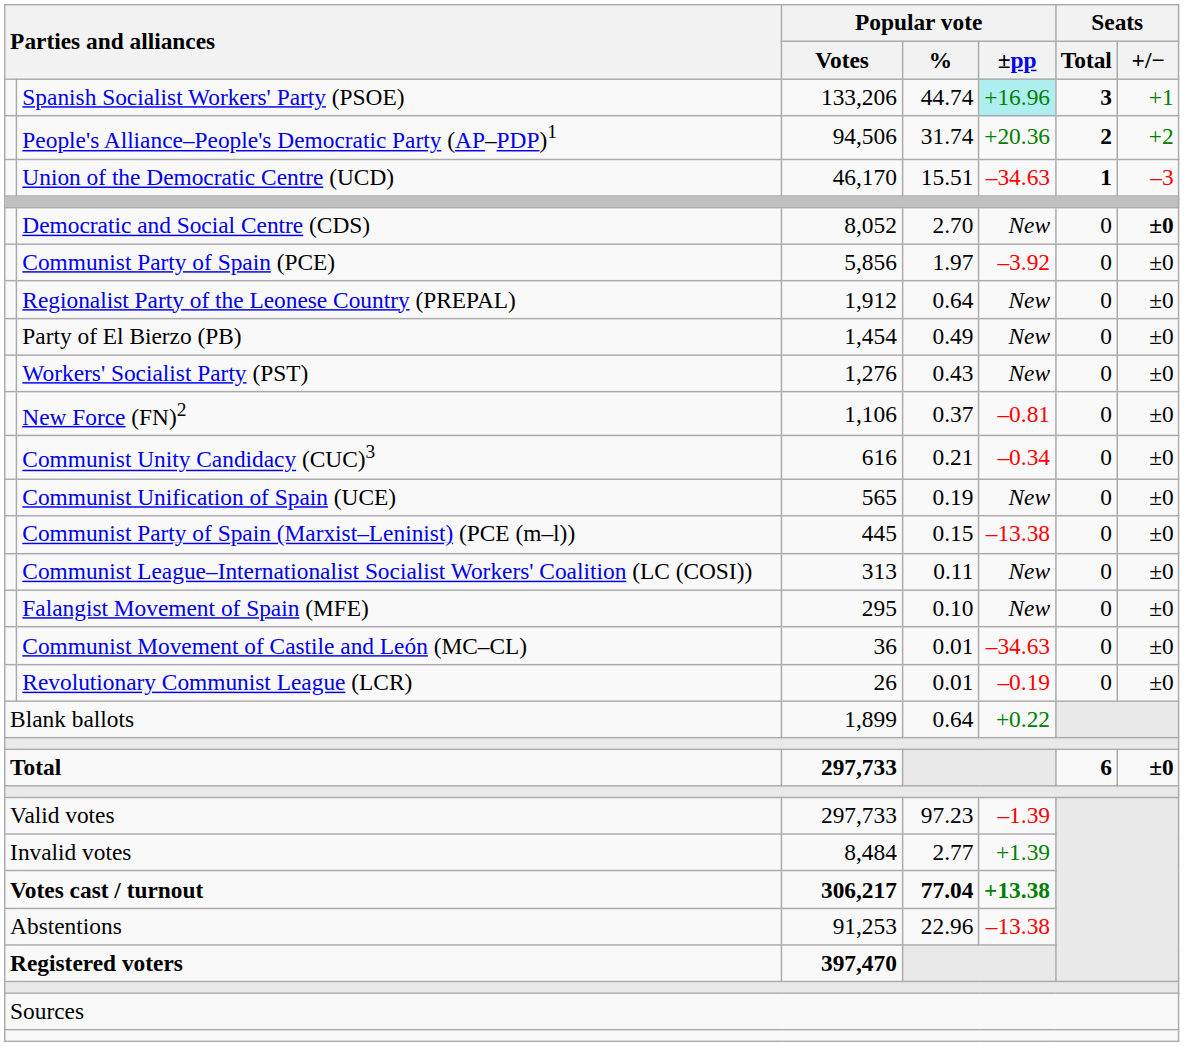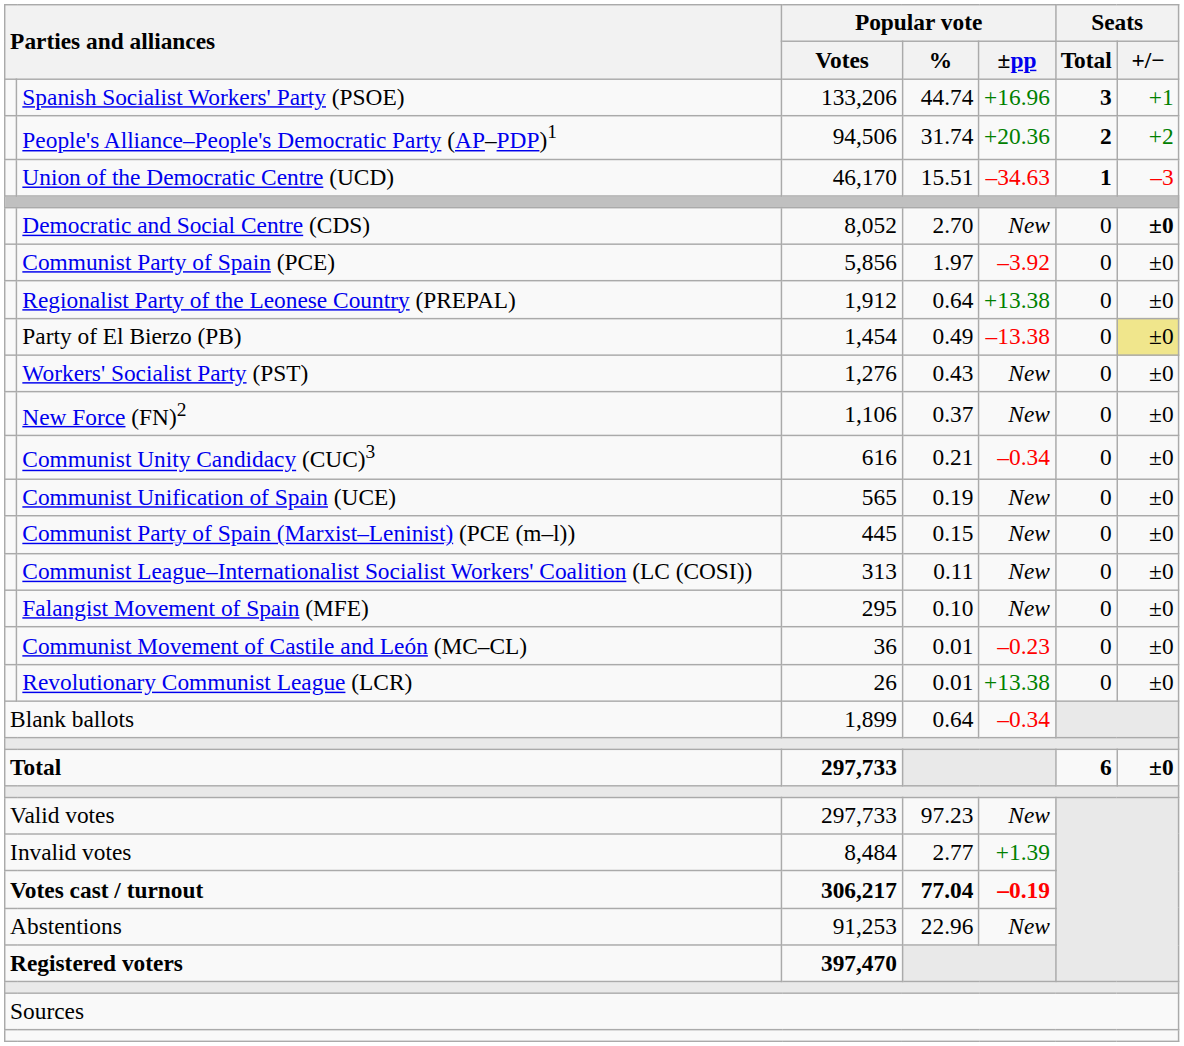 <table class="wikitable" style="text-align:right;">
 <tr>
 <th style="text-align:left;" rowspan="2" colspan="2" width="525">Parties and alliances</th>
 <th colspan="3">Popular vote</th>
 <th colspan="2">Seats</th>
 </tr>
 <tr>
 <th width="75">Votes</th>
 <th width="45">%</th>
 <th width="45">±<a href='#'>pp</a></th>
 <th width="35">Total</th>
 <th width="35">+/−</th>
 </tr>
 <tr>
 <td width="1" style="color:inherit;background:"></td>
 <td align="left"><a href='#'>Spanish Socialist Workers' Party</a> (PSOE)</td>
 <td>133,206</td>
 <td>44.74</td>
-<td style="background: paleturquoise; color:green;">+16.96</td>
+<td style="color:green;">+16.96</td>
 <td><strong>3</strong></td>
 <td style="color:green;">+1</td>
 </tr>
 <tr>
 <td style="color:inherit;background:"></td>
 <td align="left"><a href='#'>People's Alliance–People's Democratic Party</a> (<a href='#'>AP</a>–<a href='#'>PDP</a>)<sup>1</sup></td>
 <td>94,506</td>
 <td>31.74</td>
 <td style="color:green;">+20.36</td>
 <td><strong>2</strong></td>
 <td style="color:green;">+2</td>
 </tr>
 <tr>
 <td style="color:inherit;background:"></td>
 <td align="left"><a href='#'>Union of the Democratic Centre</a> (UCD)</td>
 <td>46,170</td>
 <td>15.51</td>
 <td style="color:red;">–34.63</td>
 <td><strong>1</strong></td>
 <td style="color:red;">–3</td>
 </tr>
 <tr>
 <td colspan="7" bgcolor="#C0C0C0"></td>
 </tr>
 <tr>
 <td style="color:inherit;background:"></td>
 <td align="left"><a href='#'>Democratic and Social Centre</a> (CDS)</td>
 <td>8,052</td>
 <td>2.70</td>
 <td><em>New</em></td>
 <td>0</td>
 <td><strong>±0</strong></td>
 </tr>
 <tr>
 <td style="color:inherit;background:"></td>
 <td align="left"><a href='#'>Communist Party of Spain</a> (PCE)</td>
 <td>5,856</td>
 <td>1.97</td>
 <td style="color:red;">–3.92</td>
 <td>0</td>
 <td>±0</td>
 </tr>
 <tr>
 <td style="color:inherit;background:"></td>
 <td align="left"><a href='#'>Regionalist Party of the Leonese Country</a> (PREPAL)</td>
 <td>1,912</td>
 <td>0.64</td>
-<td><em>New</em></td>
+<td style="color:green;">+13.38</td>
 <td>0</td>
 <td>±0</td>
 </tr>
 <tr>
 <td style="color:inherit;background:"></td>
 <td align="left">Party of El Bierzo (PB)</td>
 <td>1,454</td>
 <td>0.49</td>
-<td><em>New</em></td>
+<td style="color:red;">–13.38</td>
 <td>0</td>
-<td>±0</td>
+<td style="background: khaki;">±0</td>
 </tr>
 <tr>
 <td style="color:inherit;background:"></td>
 <td align="left"><a href='#'>Workers' Socialist Party</a> (PST)</td>
 <td>1,276</td>
 <td>0.43</td>
 <td><em>New</em></td>
 <td>0</td>
 <td>±0</td>
 </tr>
 <tr>
 <td style="color:inherit;background:"></td>
 <td align="left"><a href='#'>New Force</a> (FN)<sup>2</sup></td>
 <td>1,106</td>
 <td>0.37</td>
-<td style="color:red;">–0.81</td>
+<td><em>New</em></td>
 <td>0</td>
 <td>±0</td>
 </tr>
 <tr>
 <td style="color:inherit;background:"></td>
 <td align="left"><a href='#'>Communist Unity Candidacy</a> (CUC)<sup>3</sup></td>
 <td>616</td>
 <td>0.21</td>
 <td style="color:red;">–0.34</td>
 <td>0</td>
 <td>±0</td>
 </tr>
 <tr>
 <td style="color:inherit;background:"></td>
 <td align="left"><a href='#'>Communist Unification of Spain</a> (UCE)</td>
 <td>565</td>
 <td>0.19</td>
 <td><em>New</em></td>
 <td>0</td>
 <td>±0</td>
 </tr>
 <tr>
 <td style="color:inherit;background:"></td>
 <td align="left"><a href='#'>Communist Party of Spain (Marxist–Leninist)</a> (PCE (m–l))</td>
 <td>445</td>
 <td>0.15</td>
-<td style="color:red;">–13.38</td>
+<td><em>New</em></td>
 <td>0</td>
 <td>±0</td>
 </tr>
 <tr>
 <td style="color:inherit;background:"></td>
 <td align="left"><a href='#'>Communist League–Internationalist Socialist Workers' Coalition</a> (LC (COSI))</td>
 <td>313</td>
 <td>0.11</td>
 <td><em>New</em></td>
 <td>0</td>
 <td>±0</td>
 </tr>
 <tr>
 <td style="color:inherit;background:"></td>
 <td align="left"><a href='#'>Falangist Movement of Spain</a> (MFE)</td>
 <td>295</td>
 <td>0.10</td>
 <td><em>New</em></td>
 <td>0</td>
 <td>±0</td>
 </tr>
 <tr>
 <td style="color:inherit;background:"></td>
 <td align="left"><a href='#'>Communist Movement of Castile and León</a> (MC–CL)</td>
 <td>36</td>
 <td>0.01</td>
-<td style="color:red;">–34.63</td>
+<td style="color:red;">–0.23</td>
 <td>0</td>
 <td>±0</td>
 </tr>
 <tr>
 <td style="color:inherit;background:"></td>
 <td align="left"><a href='#'>Revolutionary Communist League</a> (LCR)</td>
 <td>26</td>
 <td>0.01</td>
-<td style="color:red;">–0.19</td>
+<td style="color:green;">+13.38</td>
 <td>0</td>
 <td>±0</td>
 </tr>
 <tr>
 <td align="left" colspan="2">Blank ballots</td>
 <td>1,899</td>
 <td>0.64</td>
-<td style="color:green;">+0.22</td>
+<td style="color:red;">–0.34</td>
 <td bgcolor="#E9E9E9" colspan="2"></td>
 </tr>
 <tr>
 <td colspan="7" bgcolor="#E9E9E9"></td>
 </tr>
 <tr style="font-weight:bold;">
 <td align="left" colspan="2">Total</td>
 <td>297,733</td>
 <td bgcolor="#E9E9E9" colspan="2"></td>
 <td>6</td>
 <td>±0</td>
 </tr>
 <tr>
 <td colspan="7" bgcolor="#E9E9E9"></td>
 </tr>
 <tr>
 <td align="left" colspan="2">Valid votes</td>
 <td>297,733</td>
 <td>97.23</td>
-<td style="color:red;">–1.39</td>
+<td><em>New</em></td>
 <td bgcolor="#E9E9E9" colspan="2" rowspan="5"></td>
 </tr>
 <tr>
 <td align="left" colspan="2">Invalid votes</td>
 <td>8,484</td>
 <td>2.77</td>
 <td style="color:green;">+1.39</td>
 </tr>
 <tr style="font-weight:bold;">
 <td align="left" colspan="2">Votes cast / turnout</td>
 <td>306,217</td>
 <td>77.04</td>
-<td style="color:green;">+13.38</td>
+<td style="color:red;">–0.19</td>
 </tr>
 <tr>
 <td align="left" colspan="2">Abstentions</td>
 <td>91,253</td>
 <td>22.96</td>
-<td style="color:red;">–13.38</td>
+<td><em>New</em></td>
 </tr>
 <tr style="font-weight:bold;">
 <td align="left" colspan="2">Registered voters</td>
 <td>397,470</td>
 <td bgcolor="#E9E9E9" colspan="2"></td>
 </tr>
 <tr>
 <td colspan="7" bgcolor="#E9E9E9"></td>
 </tr>
 <tr>
 <td align="left" colspan="7">Sources</td>
 </tr>
 <tr>
 <td colspan="7" style="text-align:left; max-width:790px;"></td>
 </tr>
 </table>
